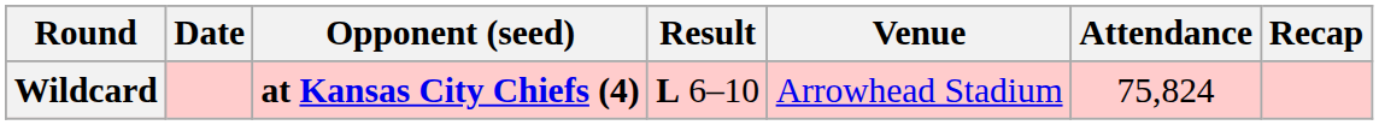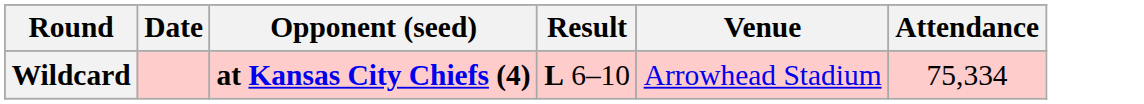 <table class="wikitable" style="text-align:center">
 <tr>
 <th>Round</th>
 <th>Date</th>
 <th>Opponent (seed)</th>
 <th>Result</th>
 <th>Venue</th>
 <th>Attendance</th>
-<th>Recap</th>
 </tr>
 <tr style="background:#fcc">
 <th>Wildcard</th>
 <td></td>
 <td><strong>at <a href='#'>Kansas City Chiefs</a> (4)</strong></td>
 <td><strong>L</strong> 6–10</td>
 <td><a href='#'>Arrowhead Stadium</a></td>
-<td>75,824</td>
-<td></td>
+<td>75,334</td>
 </tr>
 </table>
